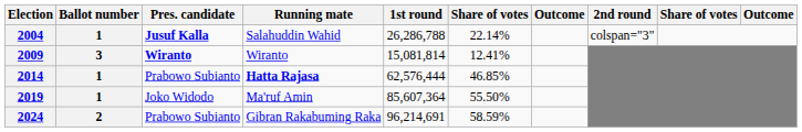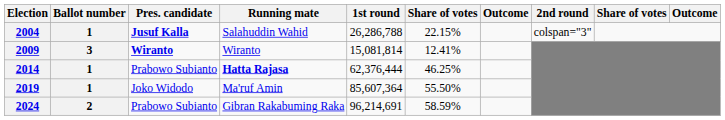 <table class="wikitable">
 <tr>
 <th>Election</th>
 <th>Ballot number</th>
 <th>Pres. candidate</th>
 <th>Running mate</th>
 <th>1st round<br></th>
 <th>Share of votes</th>
 <th>Outcome</th>
 <th>2nd round<br></th>
 <th>Share of votes</th>
 <th>Outcome</th>
 </tr>
 <tr>
 <th><a href='#'>2004</a></th>
 <th>1</th>
 <td><strong><a href='#'>Jusuf Kalla</a></strong></td>
 <td><a href='#'>Salahuddin Wahid</a></td>
 <td>26,286,788</td>
-<td align=center>22.14%</td>
+<td align=center>22.15%</td>
 <td></td>
 <td>colspan="3" </td>
 </tr>
 <tr>
 <th><a href='#'>2009</a></th>
 <th>3</th>
 <td><strong><a href='#'>Wiranto</a></strong></td>
 <td><a href='#'>Wiranto</a></td>
 <td>15,081,814</td>
 <td align=center>12.41%</td>
 <td></td>
 <td rowspan=4 colspan="3" style="background:gray;"></td>
 </tr>
 <tr>
 <th><a href='#'>2014</a></th>
 <th>1</th>
 <td><a href='#'>Prabowo Subianto</a></td>
 <td><strong><a href='#'>Hatta Rajasa</a></strong></td>
-<td>62,576,444</td>
-<td align=center>46.85%</td>
+<td>62,376,444</td>
+<td align=center>46.25%</td>
 <td></td>
 </tr>
 <tr>
 <th><a href='#'>2019</a></th>
 <th>1</th>
 <td><a href='#'>Joko Widodo</a></td>
 <td><a href='#'>Ma'ruf Amin</a></td>
 <td>85,607,364</td>
 <td align=center>55.50%</td>
 <td></td>
 </tr>
 <tr>
 <th><a href='#'>2024</a></th>
 <th>2</th>
 <td><a href='#'>Prabowo Subianto</a></td>
 <td><a href='#'>Gibran Rakabuming Raka</a></td>
 <td>96,214,691</td>
 <td align=center>58.59%</td>
 <td></td>
 </tr>
 </table>
